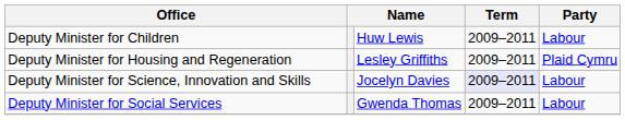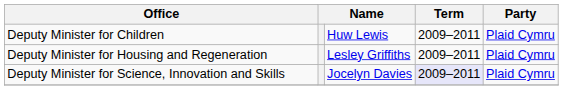 <table class="wikitable">
 <tr>
 <th style="width: 390px">Office</th>
 <th colspan="2">Name</th>
 <th>Term</th>
 <th>Party</th>
 </tr>
 <tr>
 <td>Deputy Minister for Children</td>
 <th style="background-color: "></th>
 <td><a href='#'>Huw Lewis</a></td>
 <td>2009–2011</td>
-<td><a href='#'>Labour</a></td>
+<td><a href='#'>Plaid Cymru</a></td>
 </tr>
 <tr>
 <td>Deputy Minister for Housing and Regeneration</td>
 <th style="background-color: "></th>
 <td><a href='#'>Lesley Griffiths</a></td>
 <td>2009–2011</td>
 <td><a href='#'>Plaid Cymru</a></td>
 </tr>
 <tr>
 <td>Deputy Minister for Science, Innovation and Skills</td>
 <th style="background-color: "></th>
 <td><a href='#'>Jocelyn Davies</a></td>
 <td style="background: lavender;">2009–2011</td>
-<td><a href='#'>Labour</a></td>
-</tr>
-<tr>
-<td><a href='#'>Deputy Minister for Social Services</a></td>
-<th style="background-color: "></th>
-<td><a href='#'>Gwenda Thomas</a></td>
-<td>2009–2011</td>
-<td><a href='#'>Labour</a></td>
+<td><a href='#'>Plaid Cymru</a></td>
 </tr>
 <tr>
 </tr>
 </table>
